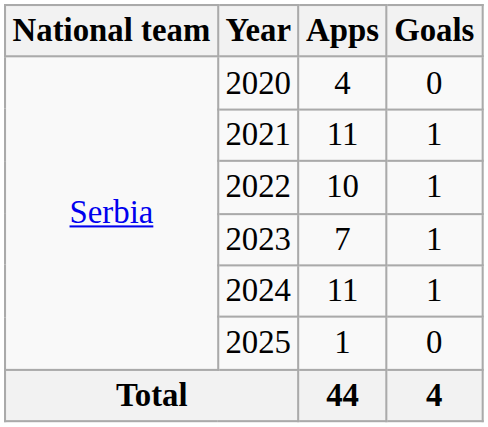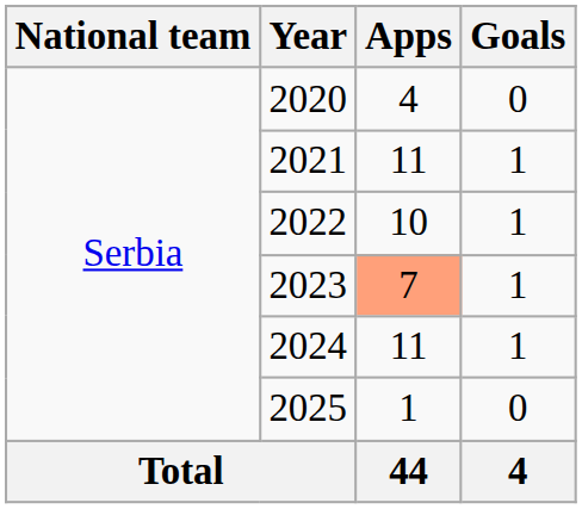 <table class="wikitable" style="text-align:center">
 <tr>
 <th>National team</th>
 <th>Year</th>
 <th>Apps</th>
 <th>Goals</th>
 </tr>
 <tr>
 <td rowspan="6"><a href='#'>Serbia</a></td>
 <td>2020</td>
 <td>4</td>
 <td>0</td>
 </tr>
 <tr>
 <td>2021</td>
 <td>11</td>
 <td>1</td>
 </tr>
 <tr>
 <td>2022</td>
 <td>10</td>
 <td>1</td>
 </tr>
 <tr>
 <td>2023</td>
-<td>7</td>
+<td style="background: lightsalmon;">7</td>
 <td>1</td>
 </tr>
 <tr>
 <td>2024</td>
 <td>11</td>
 <td>1</td>
 </tr>
 <tr>
 <td>2025</td>
 <td>1</td>
 <td>0</td>
 </tr>
 <tr>
 <th colspan="2">Total</th>
 <th>44</th>
 <th>4</th>
 </tr>
 </table>
